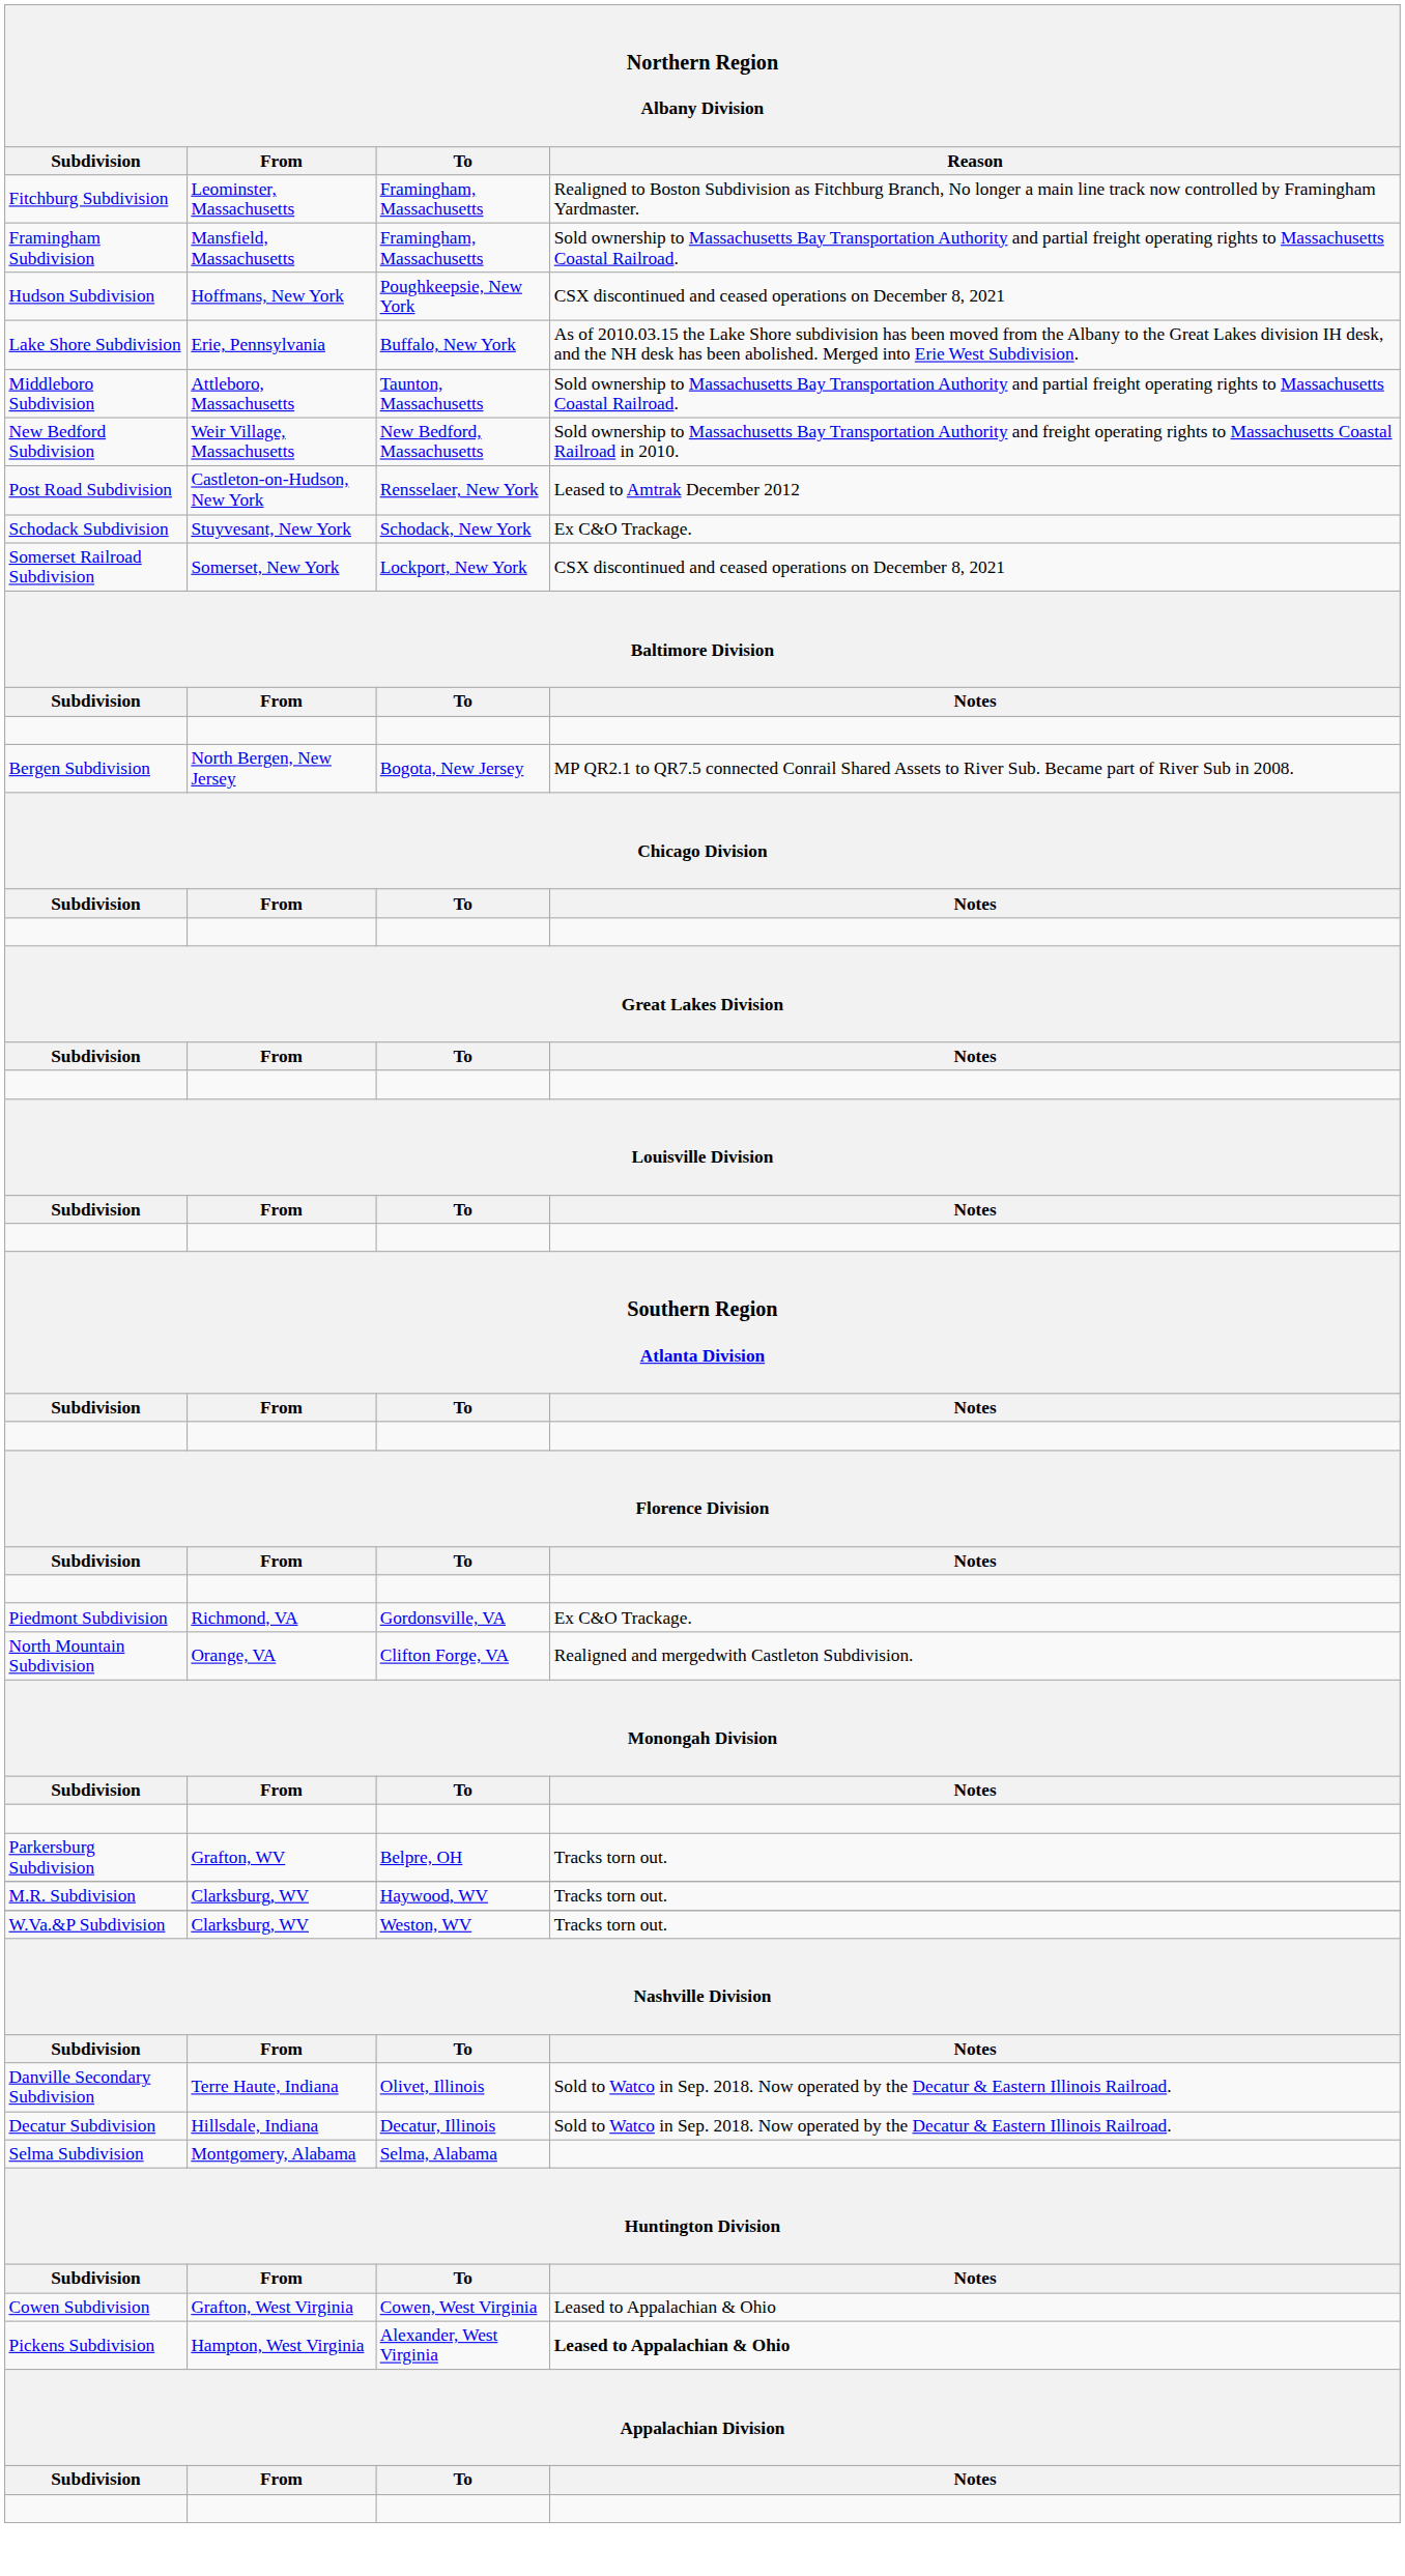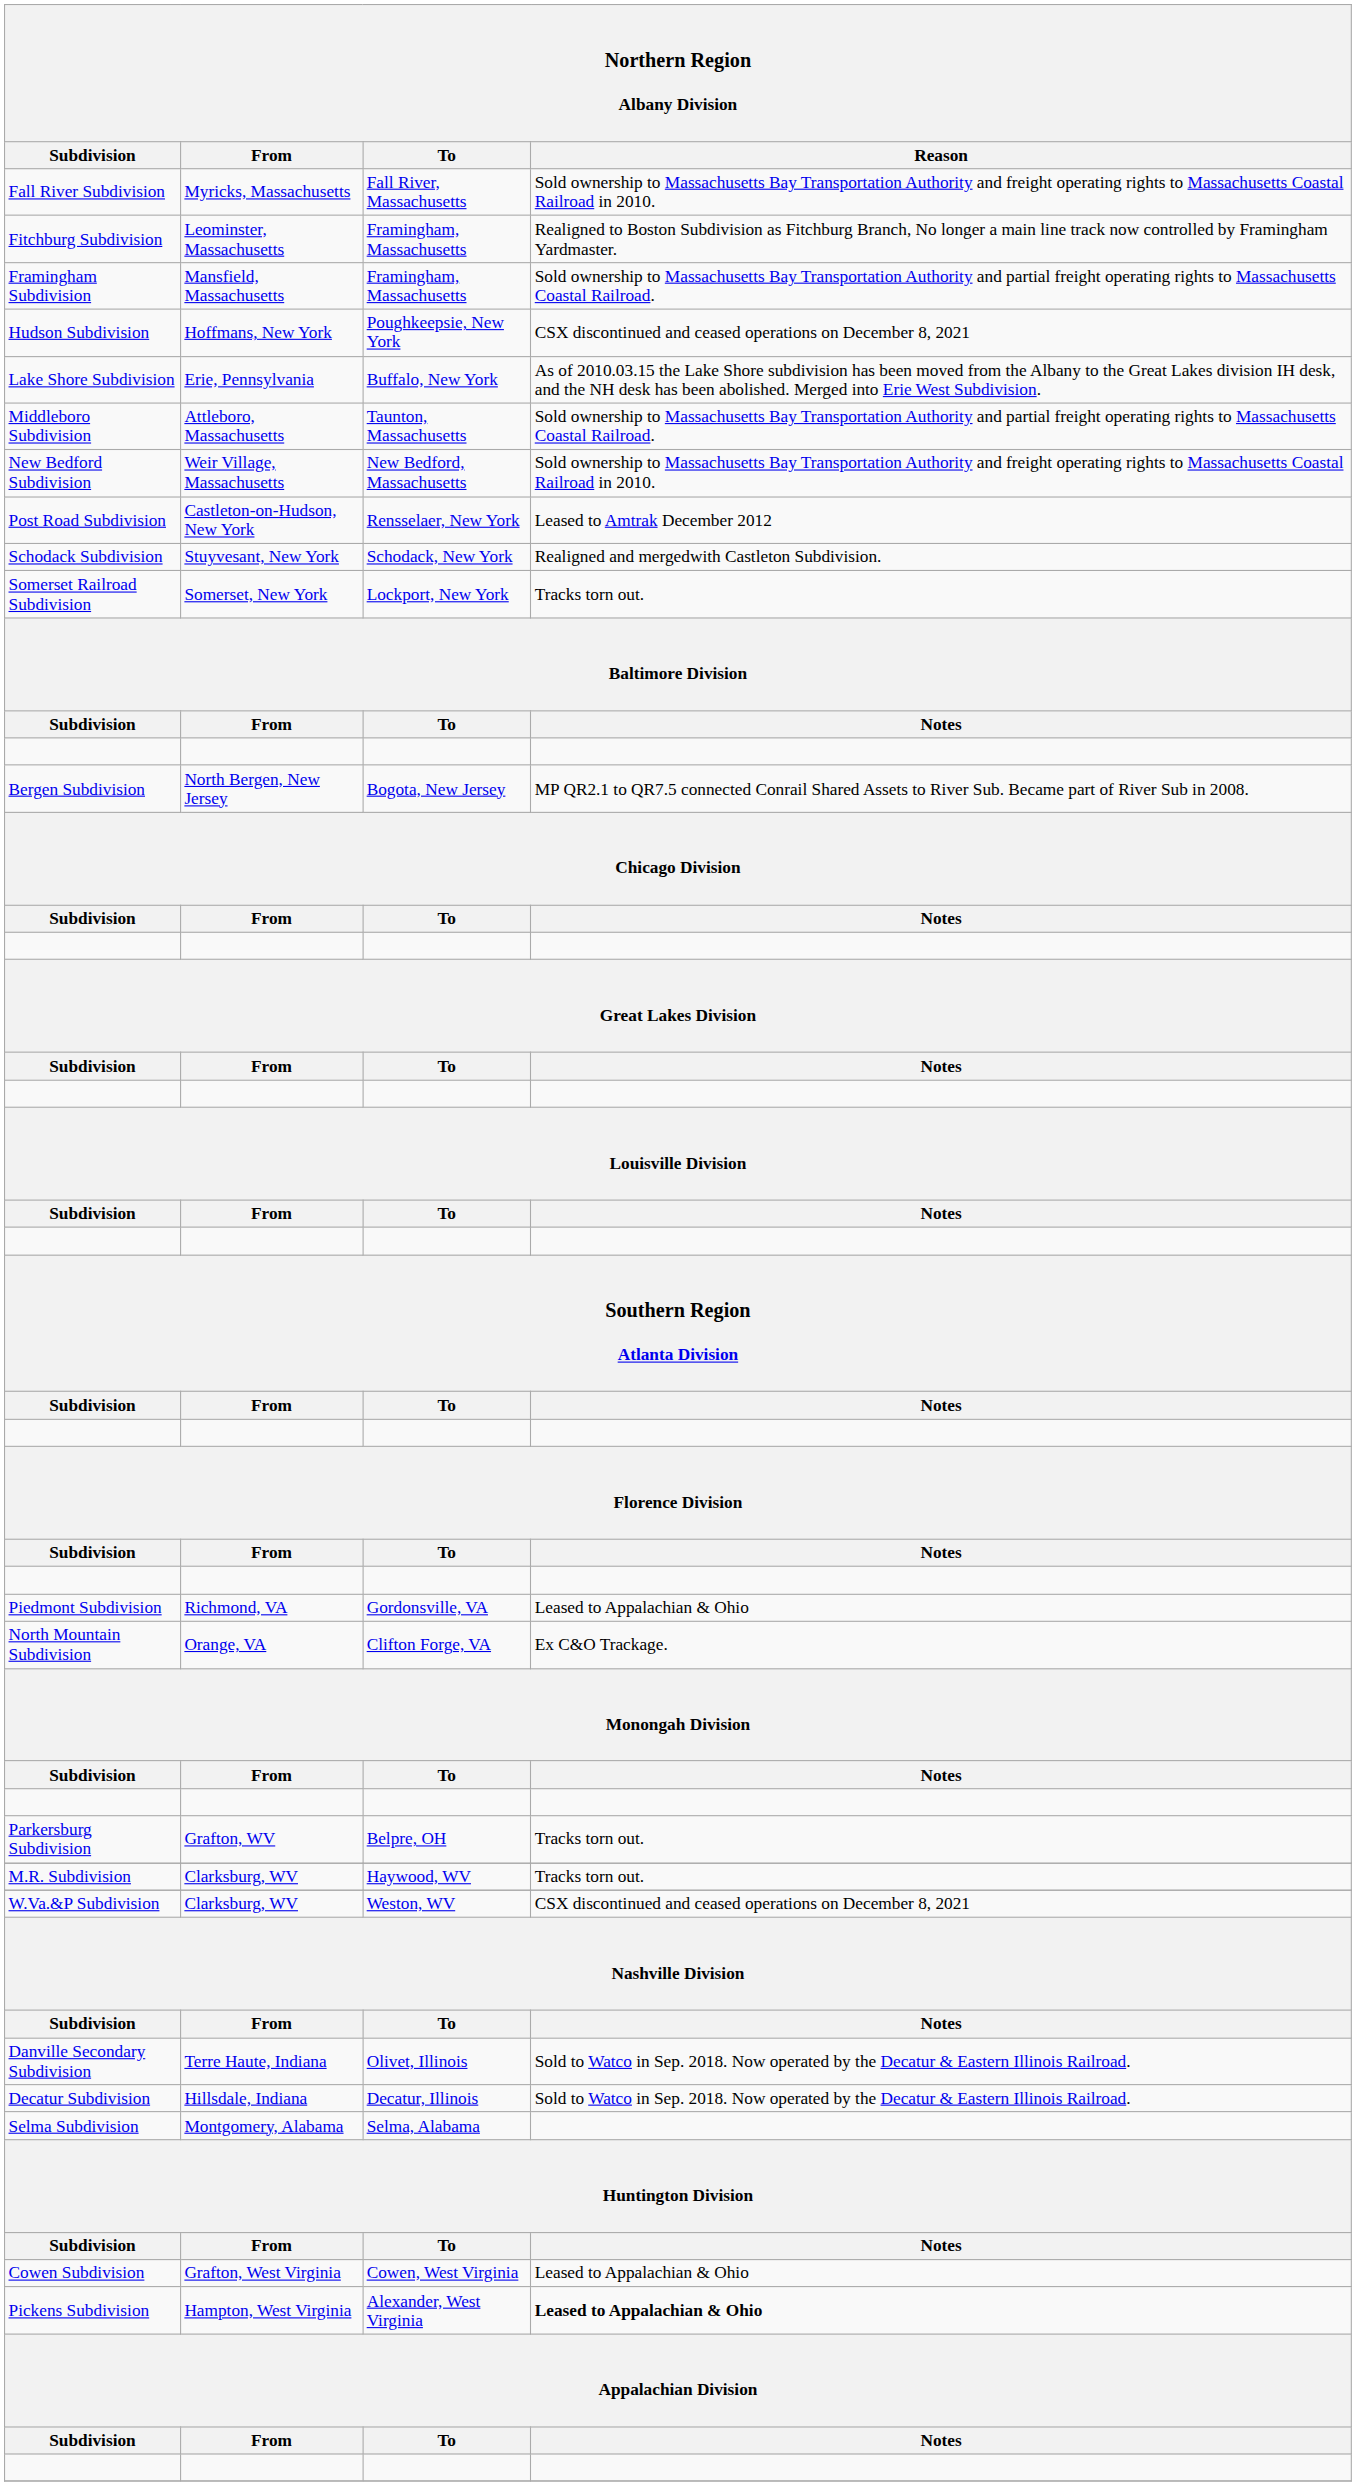 <table class=wikitable>
 <tr>
 <th colspan=4><br><h3>Northern Region</h3><h4>Albany Division</h4></th>
 </tr>
 <tr>
 <th>Subdivision</th>
 <th>From</th>
 <th>To</th>
 <th>Reason</th>
+</tr>
+<tr>
+<td><a href='#'>Fall River Subdivision</a></td>
+<td><a href='#'>Myricks, Massachusetts</a></td>
+<td><a href='#'>Fall River, Massachusetts</a></td>
+<td>Sold ownership to <a href='#'>Massachusetts Bay Transportation Authority</a> and freight operating rights to <a href='#'>Massachusetts Coastal Railroad</a> in 2010.</td>
 </tr>
 <tr>
 <td><a href='#'>Fitchburg Subdivision</a></td>
 <td><a href='#'>Leominster, Massachusetts</a></td>
 <td><a href='#'>Framingham, Massachusetts</a></td>
 <td>Realigned to Boston Subdivision as Fitchburg Branch, No longer a main line track now controlled by Framingham Yardmaster.</td>
 </tr>
 <tr>
 <td><a href='#'>Framingham Subdivision</a></td>
 <td><a href='#'>Mansfield, Massachusetts</a></td>
 <td><a href='#'>Framingham, Massachusetts</a></td>
 <td>Sold ownership to <a href='#'>Massachusetts Bay Transportation Authority</a> and partial freight operating rights to <a href='#'>Massachusetts Coastal Railroad</a>.</td>
 </tr>
 <tr>
 <td><a href='#'>Hudson Subdivision</a></td>
 <td><a href='#'>Hoffmans, New York</a></td>
 <td><a href='#'>Poughkeepsie, New York</a></td>
 <td>CSX discontinued and ceased operations on December 8, 2021</td>
 </tr>
 <tr>
 <td><a href='#'>Lake Shore Subdivision</a></td>
 <td><a href='#'>Erie, Pennsylvania</a></td>
 <td><a href='#'>Buffalo, New York</a></td>
 <td>As of 2010.03.15 the Lake Shore subdivision has been moved from the Albany to the Great Lakes division IH desk, and the NH desk has been abolished. Merged into <a href='#'>Erie West Subdivision</a>.</td>
 </tr>
 <tr>
 <td><a href='#'>Middleboro Subdivision</a></td>
 <td><a href='#'>Attleboro, Massachusetts</a></td>
 <td><a href='#'>Taunton, Massachusetts</a></td>
 <td>Sold ownership to <a href='#'>Massachusetts Bay Transportation Authority</a> and partial freight operating rights to <a href='#'>Massachusetts Coastal Railroad</a>.</td>
 </tr>
 <tr>
 <td><a href='#'>New Bedford Subdivision</a></td>
 <td><a href='#'>Weir Village, Massachusetts</a></td>
 <td><a href='#'>New Bedford, Massachusetts</a></td>
 <td>Sold ownership to <a href='#'>Massachusetts Bay Transportation Authority</a> and freight operating rights to <a href='#'>Massachusetts Coastal Railroad</a> in 2010.</td>
 </tr>
 <tr>
 <td><a href='#'>Post Road Subdivision</a></td>
 <td><a href='#'>Castleton-on-Hudson, New York</a></td>
 <td><a href='#'>Rensselaer, New York</a></td>
 <td>Leased to <a href='#'>Amtrak</a> December 2012</td>
 </tr>
 <tr>
 <td><a href='#'>Schodack Subdivision</a></td>
 <td><a href='#'>Stuyvesant, New York</a></td>
 <td><a href='#'>Schodack, New York</a></td>
-<td>Ex C&O Trackage.</td>
+<td>Realigned and mergedwith Castleton Subdivision.</td>
 </tr>
 <tr>
 <td><a href='#'>Somerset Railroad Subdivision</a></td>
 <td><a href='#'>Somerset, New York</a></td>
 <td><a href='#'>Lockport, New York</a></td>
-<td>CSX discontinued and ceased operations on December 8, 2021</td>
+<td>Tracks torn out.</td>
 </tr>
 <tr>
 <th colspan=4><br><h4>Baltimore Division</h4></th>
 </tr>
 <tr>
 <th>Subdivision</th>
 <th>From</th>
 <th>To</th>
 <th>Notes</th>
 </tr>
 <tr>
 <td> </td>
 <td> </td>
 <td> </td>
 <td> </td>
 </tr>
 <tr>
 <td><a href='#'>Bergen Subdivision</a></td>
 <td><a href='#'>North Bergen, New Jersey</a></td>
 <td><a href='#'>Bogota, New Jersey</a></td>
 <td>MP QR2.1 to QR7.5 connected Conrail Shared Assets to River Sub. Became part of River Sub in 2008.</td>
 </tr>
 <tr>
 <th colspan=4><br><h4>Chicago Division</h4></th>
 </tr>
 <tr>
 <th>Subdivision</th>
 <th>From</th>
 <th>To</th>
 <th>Notes</th>
 </tr>
 <tr>
 <td> </td>
 <td> </td>
 <td> </td>
 <td> </td>
 </tr>
 <tr>
 <th colspan=4><br><h4>Great Lakes Division</h4></th>
 </tr>
 <tr>
 <th>Subdivision</th>
 <th>From</th>
 <th>To</th>
 <th>Notes</th>
 </tr>
 <tr>
 <td> </td>
 <td> </td>
 <td> </td>
 <td> </td>
 </tr>
 <tr>
 <th colspan=4><br><h4>Louisville Division</h4></th>
 </tr>
 <tr>
 <th>Subdivision</th>
 <th>From</th>
 <th>To</th>
 <th>Notes</th>
 </tr>
 <tr>
 <td> </td>
 <td> </td>
 <td> </td>
 <td> </td>
 </tr>
 <tr>
 <th colspan=4><br><h3>Southern Region</h3><h4><a href='#'>Atlanta Division</a></h4></th>
 </tr>
 <tr>
 <th>Subdivision</th>
 <th>From</th>
 <th>To</th>
 <th>Notes</th>
 </tr>
 <tr>
 <td> </td>
 <td> </td>
 <td> </td>
 <td> </td>
 </tr>
 <tr>
 <th colspan=4><br><h4>Florence Division</h4></th>
 </tr>
 <tr>
 <th>Subdivision</th>
 <th>From</th>
 <th>To</th>
 <th>Notes</th>
 </tr>
 <tr>
 <td> </td>
 <td> </td>
 <td> </td>
 <td> </td>
 </tr>
 <tr>
 <td><a href='#'>Piedmont Subdivision</a></td>
 <td><a href='#'>Richmond, VA</a></td>
 <td><a href='#'>Gordonsville, VA</a></td>
-<td>Ex C&O Trackage.</td>
+<td>Leased to Appalachian & Ohio</td>
 </tr>
 <tr>
 <td><a href='#'>North Mountain Subdivision</a></td>
 <td><a href='#'>Orange, VA</a></td>
 <td><a href='#'>Clifton Forge, VA</a></td>
-<td>Realigned and mergedwith Castleton Subdivision.</td>
+<td>Ex C&O Trackage.</td>
 </tr>
 <tr>
 <th colspan=4><br><h4>Monongah Division</h4></th>
 </tr>
 <tr>
 <th>Subdivision</th>
 <th>From</th>
 <th>To</th>
 <th>Notes</th>
 </tr>
 <tr>
 <td> </td>
 <td> </td>
 <td> </td>
 <td> </td>
 </tr>
 <tr>
 <td><a href='#'>Parkersburg Subdivision</a></td>
 <td><a href='#'>Grafton, WV</a></td>
 <td><a href='#'>Belpre, OH</a></td>
 <td>Tracks torn out.</td>
 </tr>
 <tr>
 </tr>
 <tr>
 <td><a href='#'>M.R. Subdivision</a></td>
 <td><a href='#'>Clarksburg, WV</a></td>
 <td><a href='#'>Haywood, WV</a></td>
 <td>Tracks torn out.</td>
 </tr>
 <tr>
 </tr>
 <tr>
 <td><a href='#'>W.Va.&P Subdivision</a></td>
 <td><a href='#'>Clarksburg, WV</a></td>
 <td><a href='#'>Weston, WV</a></td>
-<td>Tracks torn out.</td>
+<td>CSX discontinued and ceased operations on December 8, 2021</td>
 </tr>
 <tr>
 <th colspan=4><br><h4>Nashville Division</h4></th>
 </tr>
 <tr>
 <th>Subdivision</th>
 <th>From</th>
 <th>To</th>
 <th>Notes</th>
 </tr>
 <tr>
 <td><a href='#'>Danville Secondary Subdivision</a></td>
 <td><a href='#'>Terre Haute, Indiana</a></td>
 <td><a href='#'>Olivet, Illinois</a></td>
 <td>Sold to <a href='#'>Watco</a> in Sep. 2018. Now operated by the <a href='#'>Decatur & Eastern Illinois Railroad</a>.</td>
 </tr>
 <tr>
 <td><a href='#'>Decatur Subdivision</a></td>
 <td><a href='#'>Hillsdale, Indiana</a></td>
 <td><a href='#'>Decatur, Illinois</a></td>
 <td>Sold to <a href='#'>Watco</a> in Sep. 2018. Now operated by the <a href='#'>Decatur & Eastern Illinois Railroad</a>.</td>
 </tr>
 <tr>
 <td><a href='#'>Selma Subdivision</a></td>
 <td><a href='#'>Montgomery, Alabama</a></td>
 <td><a href='#'>Selma, Alabama</a></td>
 <td></td>
 </tr>
 <tr>
 <th colspan=4><br><h4>Huntington Division</h4></th>
 </tr>
 <tr>
 <th>Subdivision</th>
 <th>From</th>
 <th>To</th>
 <th>Notes</th>
 </tr>
 <tr>
 <td><a href='#'>Cowen Subdivision</a></td>
 <td><a href='#'>Grafton, West Virginia</a></td>
 <td><a href='#'>Cowen, West Virginia</a></td>
 <td>Leased to Appalachian & Ohio</td>
 </tr>
 <tr>
 <td><a href='#'>Pickens Subdivision</a></td>
 <td><a href='#'>Hampton, West Virginia</a></td>
 <td><a href='#'>Alexander, West Virginia</a></td>
 <td><strong>Leased to Appalachian & Ohio</strong></td>
 </tr>
 <tr>
 <th colspan=4><br><h4>Appalachian Division</h4></th>
 </tr>
 <tr>
 <th>Subdivision</th>
 <th>From</th>
 <th>To</th>
 <th>Notes</th>
 </tr>
 <tr>
 <td> </td>
 <td> </td>
 <td> </td>
 <td> </td>
 </tr>
 <tr>
 </tr>
 </table>
